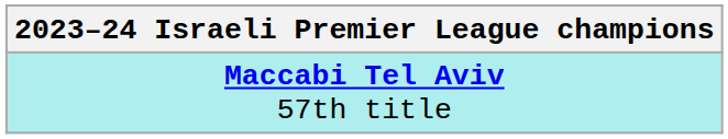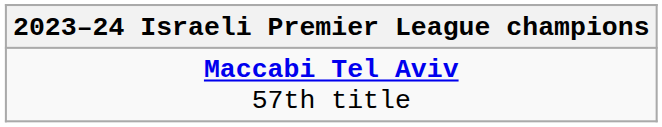 <table class=wikitable style="text-align:center; margin:auto">
 <tr>
 <th>2023–24 Israeli Premier League champions</th>
 </tr>
 <tr>
-<td style="background: paleturquoise;"><strong><a href='#'>Maccabi Tel Aviv</a></strong><br>57th title</td>
+<td><strong><a href='#'>Maccabi Tel Aviv</a></strong><br>57th title</td>
 </tr>
 </table>
